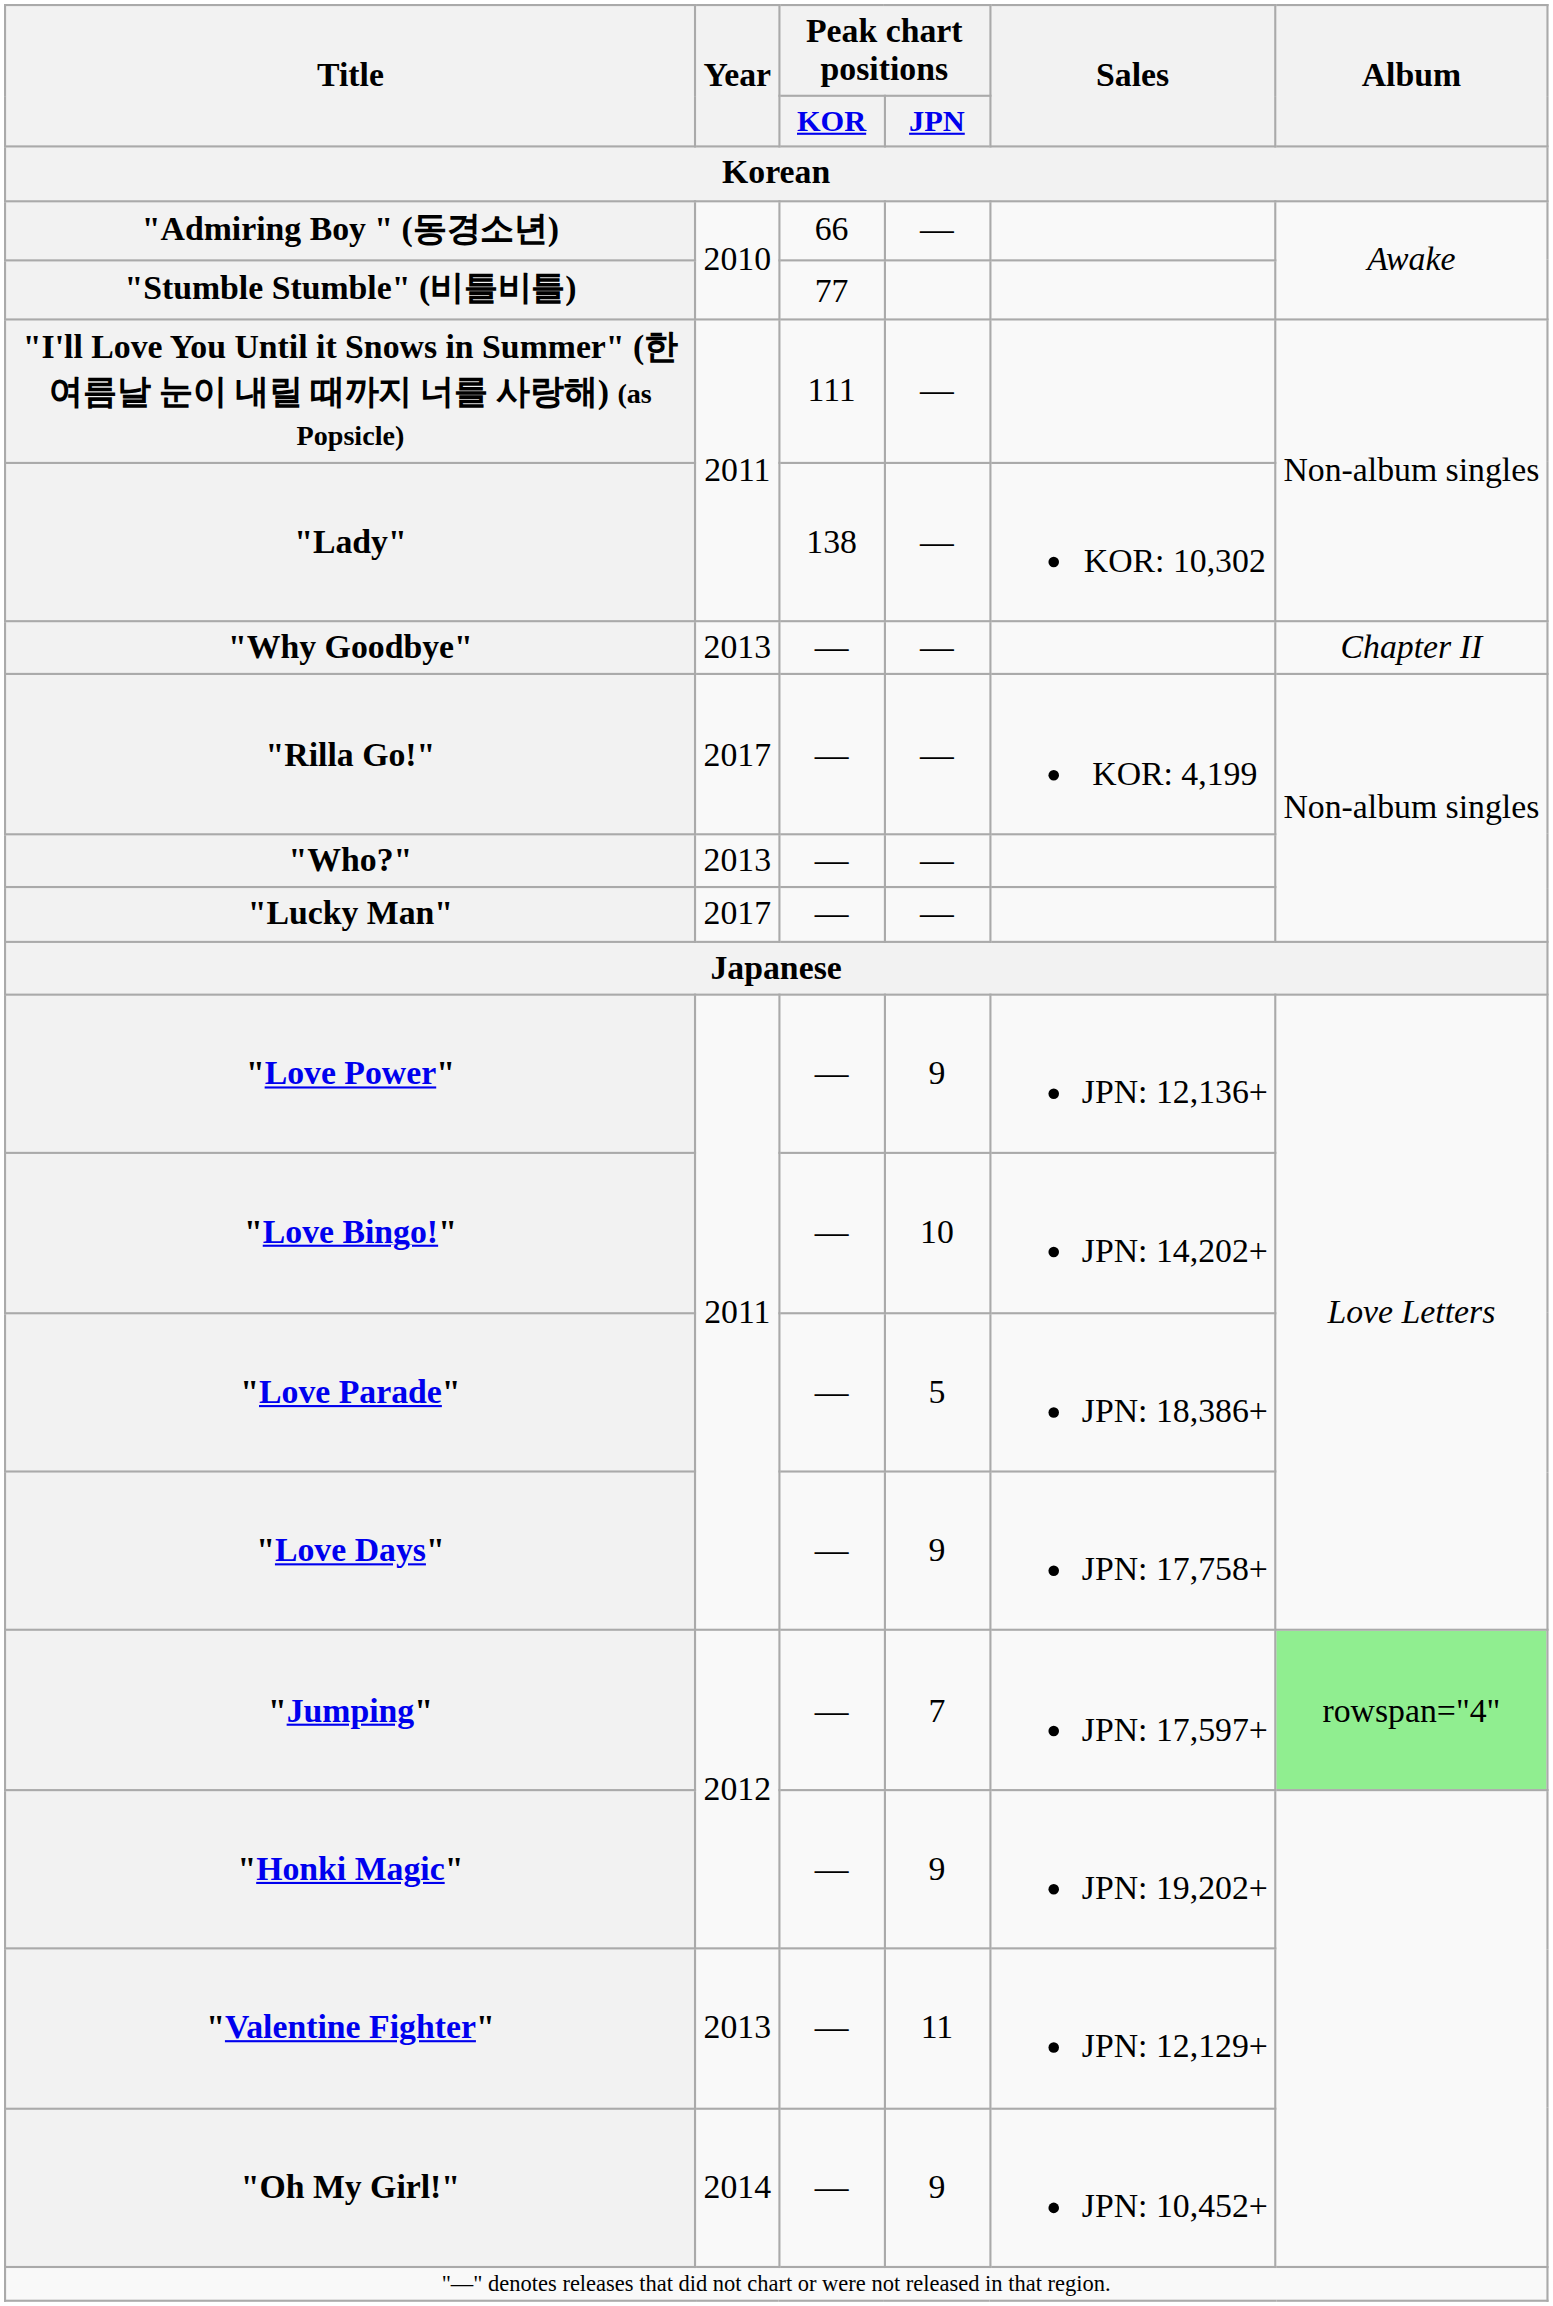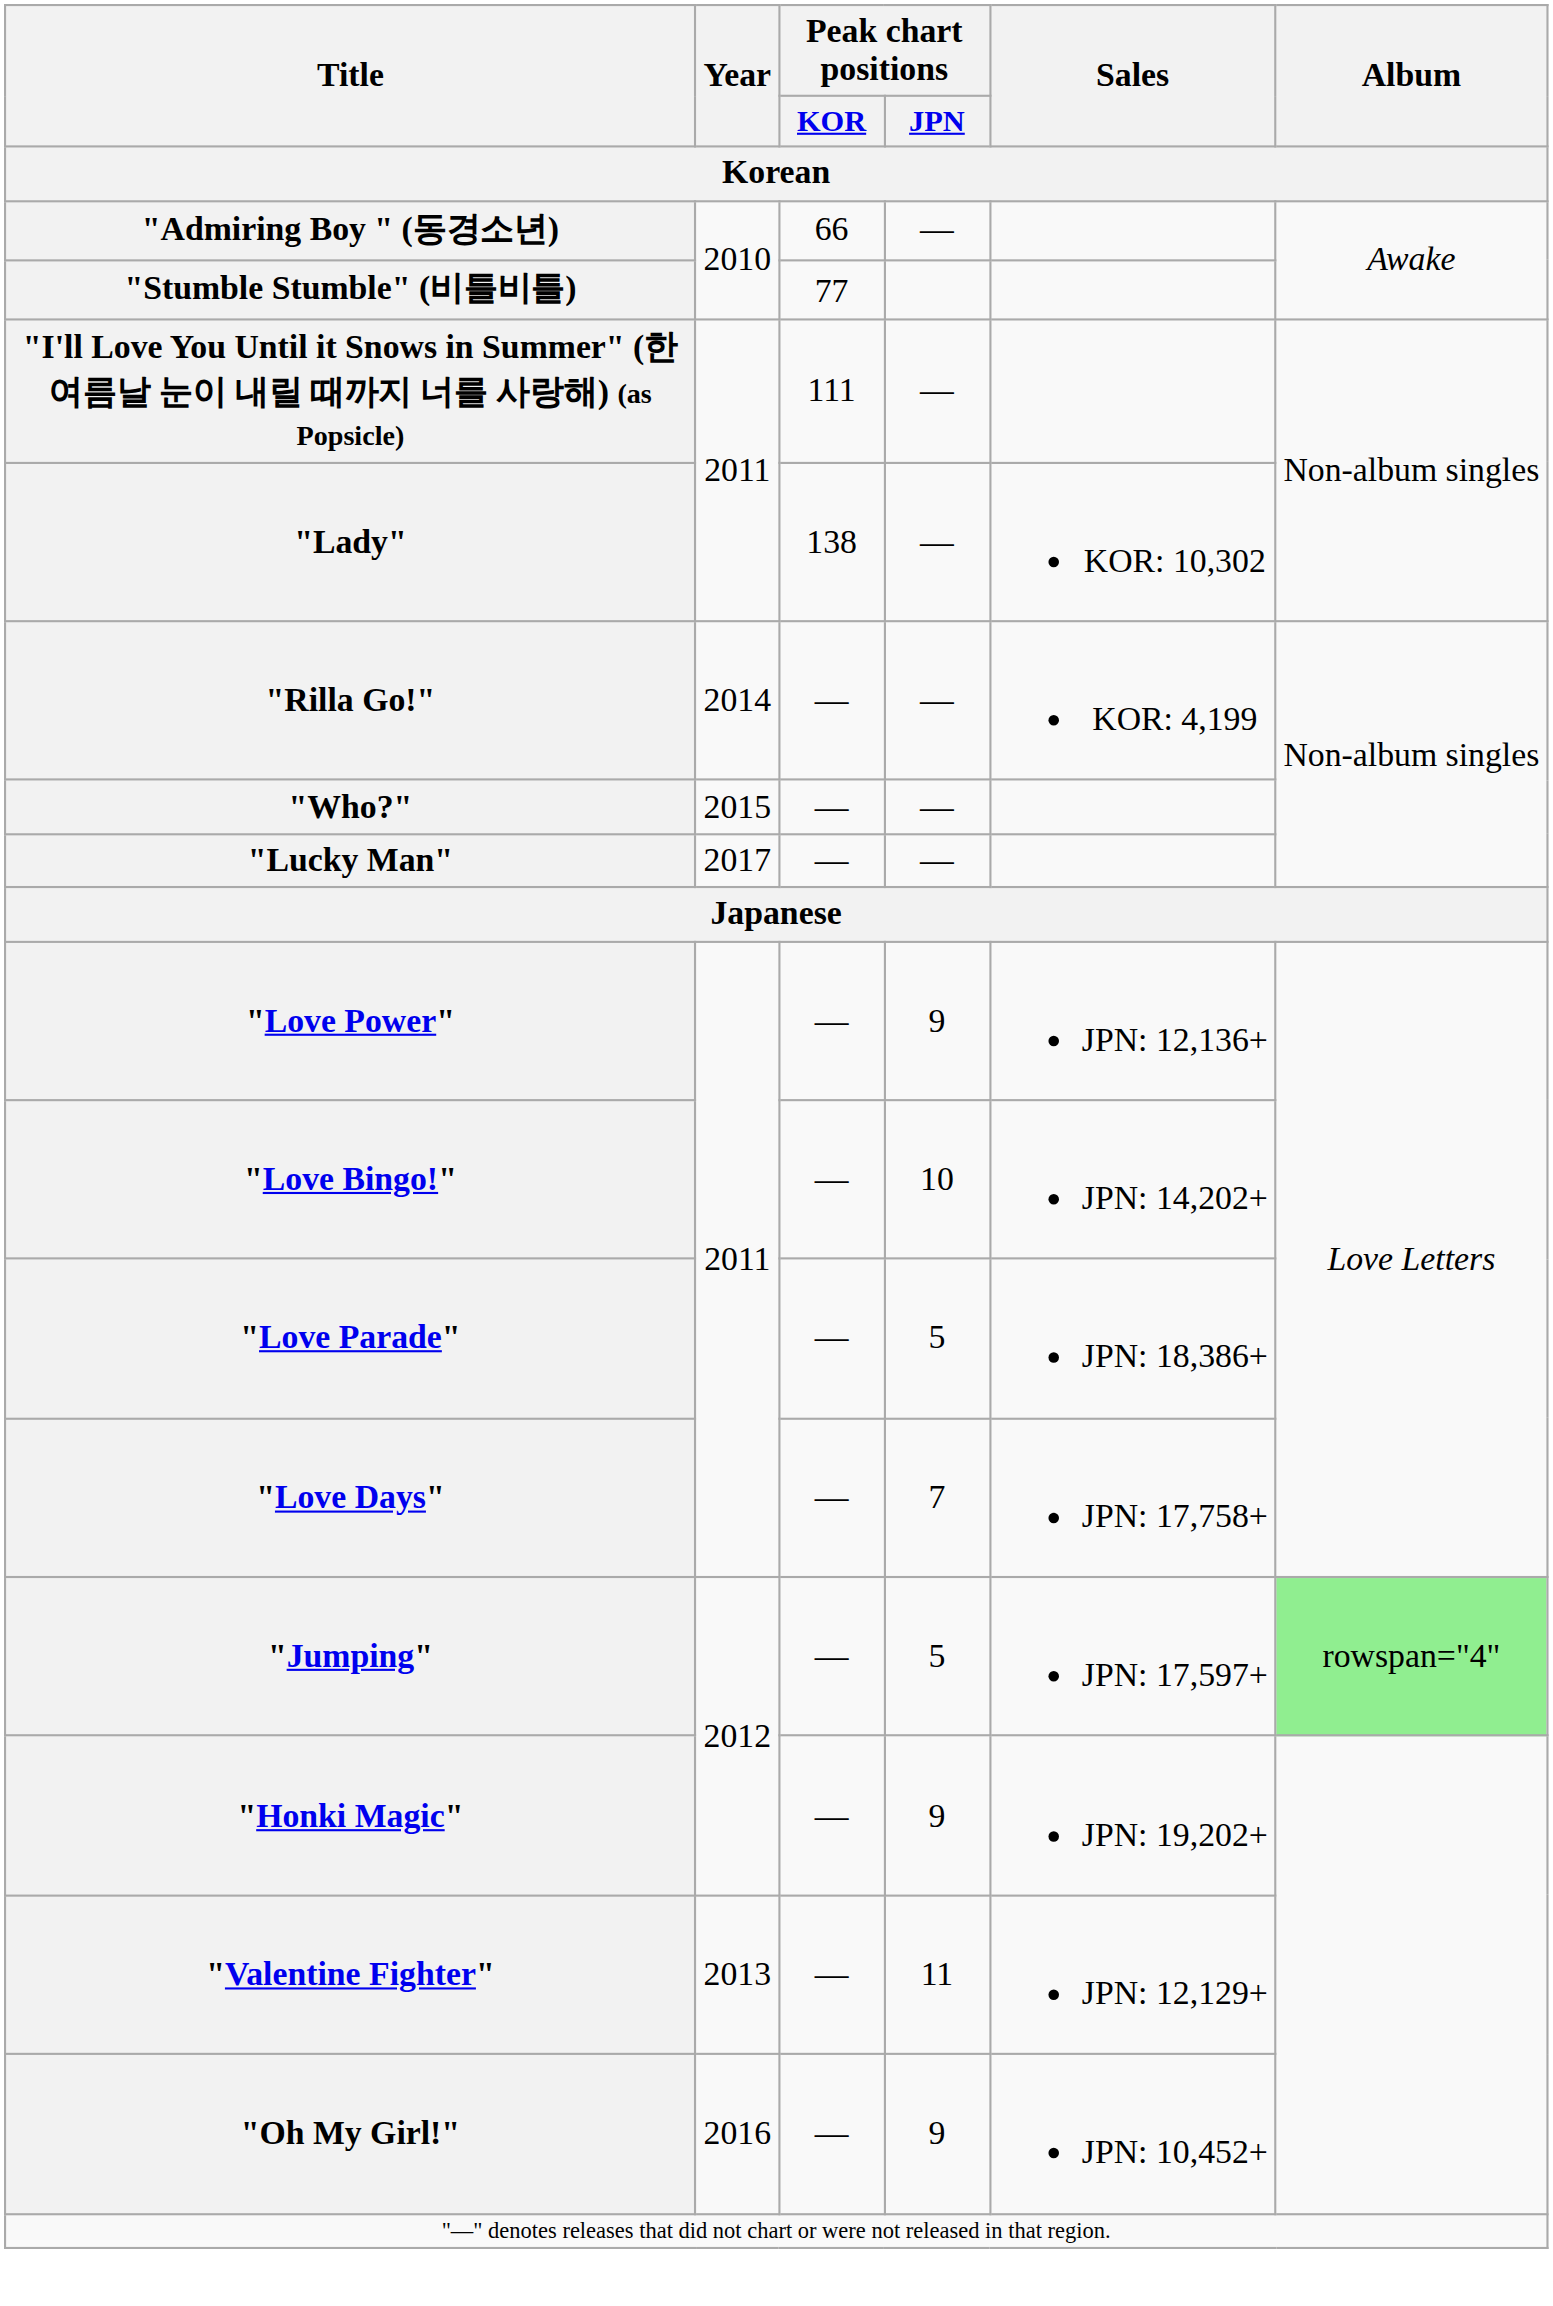 <table class="wikitable plainrowheaders" style="text-align:center;">
 <tr>
 <th scope="col" rowspan="2" style="width:20em;">Title</th>
 <th scope="col" rowspan="2">Year</th>
 <th scope="col" colspan="2">Peak chart positions</th>
 <th scope="col" rowspan="2">Sales</th>
 <th scope="col" rowspan="2">Album</th>
 </tr>
 <tr>
 <th scope="col" style="width:3em;font-size:90%;"><a href='#'>KOR</a><br></th>
 <th scope="col" style="width:3em;font-size:90%;"><a href='#'>JPN</a><br></th>
 </tr>
 <tr>
 <th colspan="6">Korean</th>
 </tr>
 <tr>
 <th scope="row">"Admiring Boy " (동경소년)</th>
 <td rowspan="2">2010</td>
 <td>66</td>
 <td>—</td>
 <td></td>
 <td rowspan="2"><em>Awake</em></td>
 </tr>
 <tr>
 <th scope="row">"Stumble Stumble" (비틀비틀)</th>
 <td>77</td>
 <td></td>
 <td></td>
 </tr>
 <tr>
 <th scope="row">"I'll Love You Until it Snows in Summer" (한 여름날 눈이 내릴 때까지 너를 사랑해) <small>(as Popsicle)</small></th>
 <td rowspan="2">2011</td>
 <td>111</td>
 <td>—</td>
 <td></td>
 <td rowspan="2">Non-album singles</td>
 </tr>
 <tr>
 <th scope="row">"Lady"</th>
 <td>138</td>
 <td>—</td>
 <td><br><ul><li>KOR: 10,302</li></ul></td>
 </tr>
 <tr>
-<th scope="row">"Why Goodbye"</th>
-<td>2013</td>
-<td>—</td>
-<td>—</td>
-<td></td>
-<td><em>Chapter II</em></td>
-</tr>
-<tr>
 <th scope="row">"Rilla Go!"</th>
-<td>2017</td>
+<td>2014</td>
 <td>—</td>
 <td>—</td>
 <td><br><ul><li>KOR: 4,199</li></ul></td>
 <td rowspan="3">Non-album singles</td>
 </tr>
 <tr>
 <th scope="row">"Who?"</th>
-<td>2013</td>
+<td>2015</td>
 <td>—</td>
 <td>—</td>
 <td></td>
 </tr>
 <tr>
 <th scope="row">"Lucky Man"</th>
 <td>2017</td>
 <td>—</td>
 <td>—</td>
 <td></td>
 </tr>
 <tr>
 <th colspan="6">Japanese</th>
 </tr>
 <tr>
 <th scope="row">"<a href='#'>Love Power</a>"</th>
 <td rowspan="4">2011</td>
 <td>—</td>
 <td>9</td>
 <td><br><ul><li>JPN: 12,136+</li></ul></td>
 <td rowspan="4"><em>Love Letters</em></td>
 </tr>
 <tr>
 <th scope="row">"<a href='#'>Love Bingo!</a>"</th>
 <td>—</td>
 <td>10</td>
 <td><br><ul><li>JPN: 14,202+</li></ul></td>
 </tr>
 <tr>
 <th scope="row">"<a href='#'>Love Parade</a>"</th>
 <td>—</td>
 <td>5</td>
 <td><br><ul><li>JPN: 18,386+</li></ul></td>
 </tr>
 <tr>
 <th scope="row">"<a href='#'>Love Days</a>"</th>
 <td>—</td>
-<td>9</td>
+<td>7</td>
 <td><br><ul><li>JPN: 17,758+</li></ul></td>
 </tr>
 <tr>
 <th scope="row">"<a href='#'>Jumping</a>"</th>
 <td rowspan="2">2012</td>
 <td>—</td>
-<td>7</td>
+<td>5</td>
 <td><br><ul><li>JPN: 17,597+</li></ul></td>
 <td style="background: lightgreen;">rowspan="4" </td>
 </tr>
 <tr>
 <th scope="row">"<a href='#'>Honki Magic</a>"</th>
 <td>—</td>
 <td>9</td>
 <td><br><ul><li>JPN: 19,202+</li></ul></td>
 </tr>
 <tr>
 <th scope="row">"<a href='#'>Valentine Fighter</a>"</th>
 <td>2013</td>
 <td>—</td>
 <td>11</td>
 <td><br><ul><li>JPN: 12,129+</li></ul></td>
 </tr>
 <tr>
 <th scope="row">"Oh My Girl!"</th>
-<td>2014</td>
+<td>2016</td>
 <td>—</td>
 <td>9</td>
 <td><br><ul><li>JPN: 10,452+</li></ul></td>
 </tr>
 <tr>
 <td colspan="6" style="font-size:8pt;">"—" denotes releases that did not chart or were not released in that region.</td>
 </tr>
 </table>
